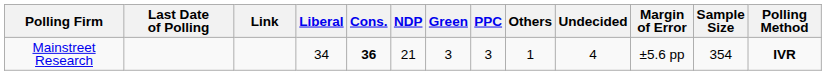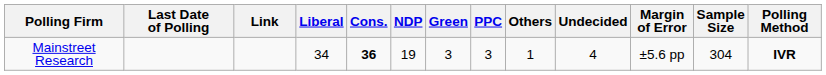 <table class="wikitable sortable" style="text-align:center;font-size:90%;line-height:14px;">
 <tr style="background:#e9e9e9;">
 <th style="width:120px">Polling Firm</th>
 <th style="width:110px">Last Date<br>of Polling</th>
 <th style="width:60px" class="unsortable">Link</th>
 <th style="background-color:"><a href='#'>Liberal</a></th>
 <th style="background-color:"><a href='#'>Cons.</a></th>
 <th style="background-color:"><a href='#'>NDP</a></th>
 <th style="background-color:"><a href='#'>Green</a></th>
 <th style="background-color:"><a href='#'><span>PPC</span></a></th>
 <th style="background-color:">Others</th>
 <th style="background-color:">Undecided</th>
 <th style="width:60px;" class=unsortable>Margin<br>of Error</th>
 <th style="width:50px;" class=unsortable>Sample<br>Size</th>
 <th class=unsortable>Polling Method</th>
 </tr>
 <tr>
 <td><a href='#'>Mainstreet Research</a></td>
 <td></td>
 <td></td>
 <td>34</td>
 <td><strong>36</strong></td>
-<td>21</td>
+<td>19</td>
 <td>3</td>
 <td>3</td>
 <td>1</td>
 <td>4</td>
 <td>±5.6 pp</td>
-<td>354</td>
+<td>304</td>
 <td><strong>IVR</strong></td>
 </tr>
 </table>
